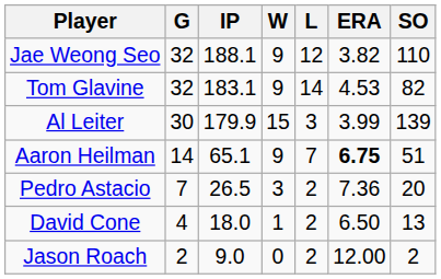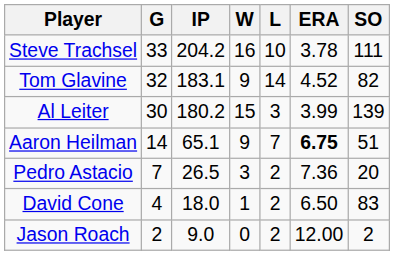 <table class="wikitable sortable">
 <tr>
 <th>Player</th>
 <th>G</th>
 <th>IP</th>
 <th>W</th>
 <th>L</th>
 <th>ERA</th>
 <th>SO</th>
 </tr>
 <tr align=center>
-<td><a href='#'>Jae Weong Seo</a></td>
-<td>32</td>
-<td>188.1</td>
-<td>9</td>
-<td>12</td>
-<td>3.82</td>
-<td>110</td>
+<td><a href='#'>Steve Trachsel</a></td>
+<td>33</td>
+<td>204.2</td>
+<td>16</td>
+<td>10</td>
+<td>3.78</td>
+<td>111</td>
 </tr>
 <tr align=center>
 <td><a href='#'>Tom Glavine</a></td>
 <td>32</td>
 <td>183.1</td>
 <td>9</td>
 <td>14</td>
-<td>4.53</td>
+<td>4.52</td>
 <td>82</td>
 </tr>
 <tr align=center>
 <td><a href='#'>Al Leiter</a></td>
 <td>30</td>
-<td>179.9</td>
+<td>180.2</td>
 <td>15</td>
 <td>3</td>
 <td>3.99</td>
 <td>139</td>
 </tr>
 <tr align=center>
 <td><a href='#'>Aaron Heilman</a></td>
 <td>14</td>
 <td>65.1</td>
 <td>9</td>
 <td>7</td>
 <td><strong>6.75</strong></td>
 <td>51</td>
 </tr>
 <tr align=center>
 <td><a href='#'>Pedro Astacio</a></td>
 <td>7</td>
 <td>26.5</td>
 <td>3</td>
 <td>2</td>
 <td>7.36</td>
 <td>20</td>
 </tr>
 <tr align=center>
 <td><a href='#'>David Cone</a></td>
 <td>4</td>
 <td>18.0</td>
 <td>1</td>
 <td>2</td>
 <td>6.50</td>
-<td>13</td>
+<td>83</td>
 </tr>
 <tr align=center>
 <td><a href='#'>Jason Roach</a></td>
 <td>2</td>
 <td>9.0</td>
 <td>0</td>
 <td>2</td>
 <td>12.00</td>
 <td>2</td>
 </tr>
 </table>
